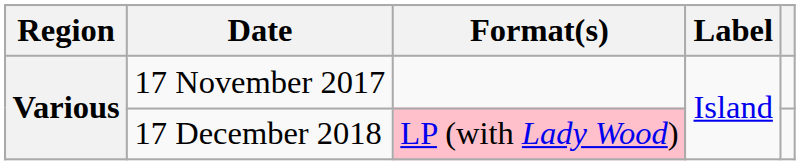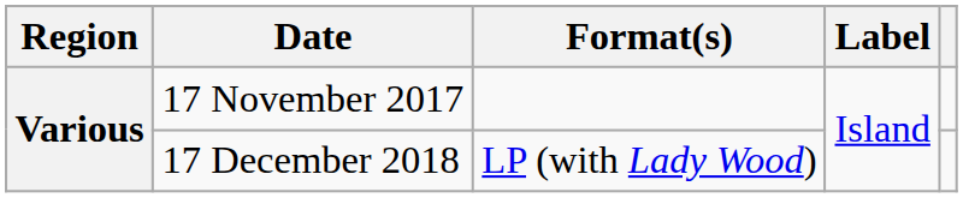 <table class="wikitable plainrowheaders">
 <tr>
 <th scope="col">Region</th>
 <th scope="col">Date</th>
 <th scope="col">Format(s)</th>
 <th scope="col">Label</th>
 <th scope="col"></th>
 </tr>
 <tr>
 <th scope="row" rowspan="2">Various</th>
 <td>17 November 2017</td>
 <td></td>
 <td rowspan="2"><a href='#'>Island</a></td>
 <td align="center"></td>
 </tr>
 <tr>
 <td>17 December 2018</td>
-<td style="background: pink;"><a href='#'>LP</a> (with <em><a href='#'>Lady Wood</a></em>)</td>
+<td><a href='#'>LP</a> (with <em><a href='#'>Lady Wood</a></em>)</td>
 <td align="center"></td>
 </tr>
 </table>
